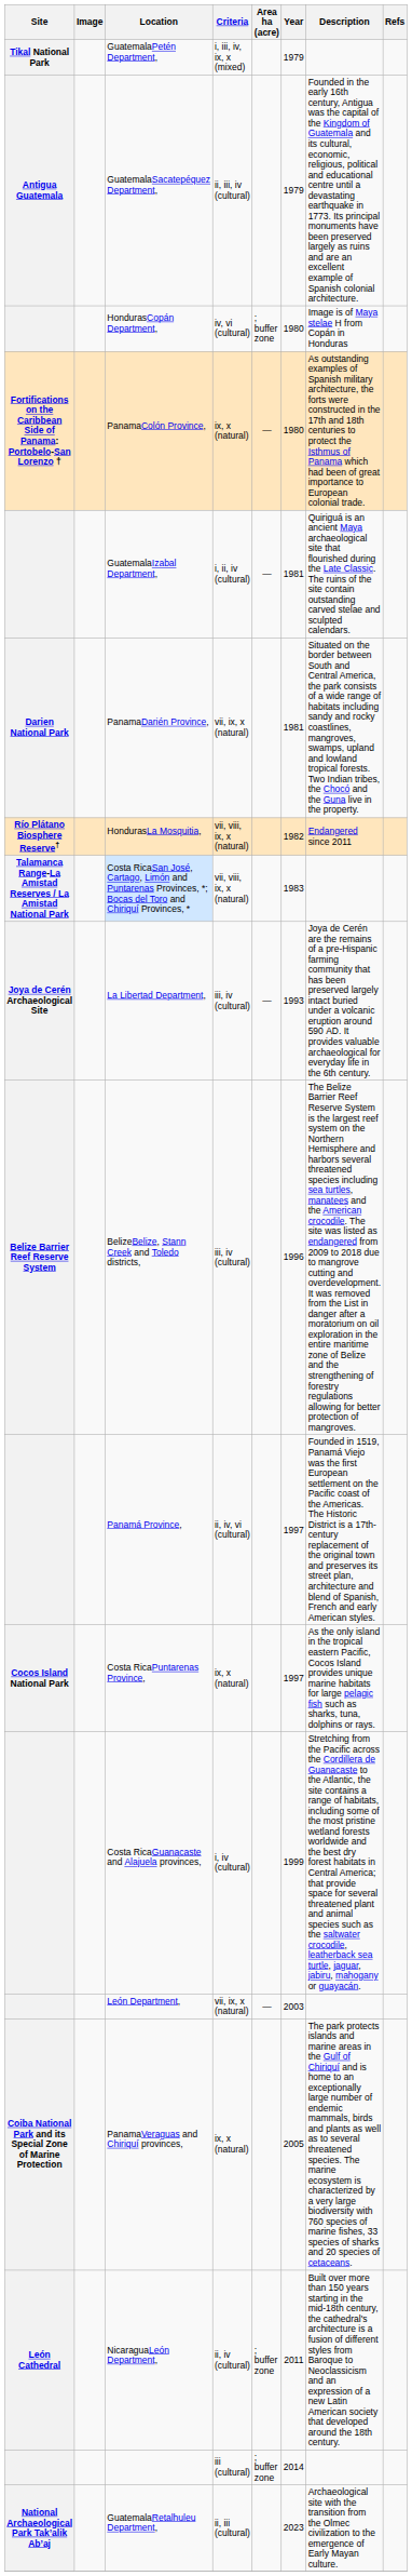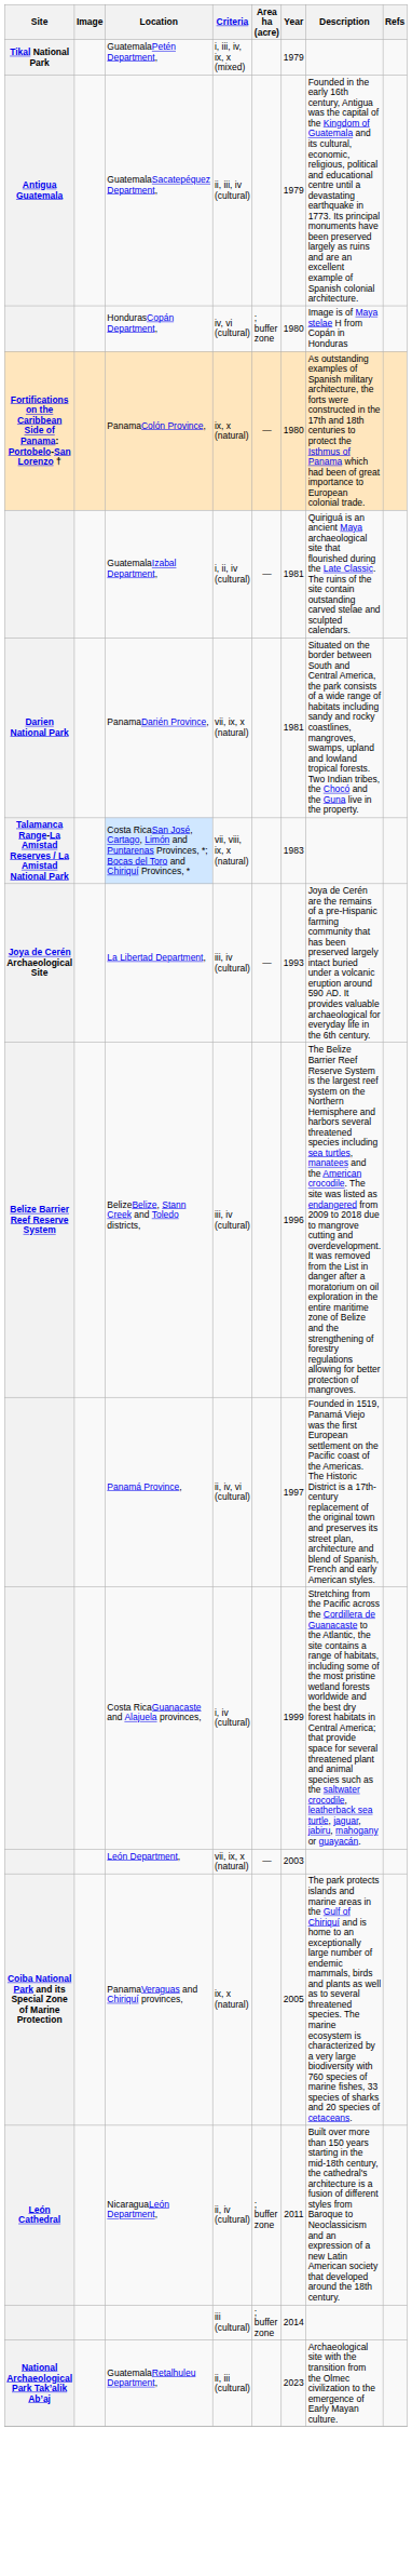 <table class="wikitable sortable plainrowheaders">
 <tr>
 <th style="width:15%;" scope="col">Site</th>
 <th class="unsortable" scope="col">Image</th>
 <th scope="col">Location</th>
 <th scope="col"><a href='#'>Criteria</a></th>
 <th scope="col">Area<br>ha (acre)</th>
 <th scope="col">Year</th>
 <th scope="col" class="unsortable">Description</th>
 <th scope="col" class="unsortable">Refs</th>
 </tr>
 <tr>
 <th scope="row"><a href='#'>Tikal</a> National Park</th>
 <td></td>
 <td><span>Guatemala</span><a href='#'>Petén Department</a>,<br><br><small></small></td>
 <td>i, iii, iv, ix, x (mixed)</td>
 <td></td>
 <td align="center">1979</td>
 <td></td>
 <td></td>
 </tr>
 <tr>
 <th scope="row"><a href='#'>Antigua Guatemala</a></th>
 <td></td>
 <td><span>Guatemala</span><a href='#'>Sacatepéquez Department</a>,<br><br><small></small></td>
 <td>ii, iii, iv (cultural)</td>
 <td align="center"></td>
 <td align="center">1979</td>
 <td>Founded in the early 16th century, Antigua was the capital of the <a href='#'>Kingdom of Guatemala</a> and its cultural, economic, religious, political and educational centre until a devastating earthquake in 1773. Its principal monuments have been preserved largely as ruins and are an excellent example of Spanish colonial architecture.</td>
 <td></td>
 </tr>
 <tr>
 <th scope="row"></th>
 <td align="center"></td>
 <td><span>Honduras</span><a href='#'>Copán Department</a>,<br><br><small></small></td>
 <td>iv, vi (cultural)</td>
 <td>; buffer zone </td>
 <td align="center">1980</td>
 <td>Image is of <a href='#'>Maya stelae</a> H from Copán in Honduras</td>
 <td></td>
 </tr>
 <tr style="background-color: #FFE6BD">
 <th scope="row" style="background-color: #FFE6BD"><a href='#'>Fortifications on the Caribbean Side of Panama</a>: <a href='#'>Portobelo</a>-<a href='#'>San Lorenzo</a>  †</th>
 <td></td>
 <td><span>Panama</span><a href='#'>Colón Province</a>,<br><br><small></small></td>
 <td>ix, x (natural)</td>
 <td align="center">—</td>
 <td align="center">1980</td>
 <td>As outstanding examples of Spanish military architecture, the forts were constructed in the 17th and 18th centuries to protect the <a href='#'>Isthmus of Panama</a> which had been of great importance to European colonial trade.</td>
 <td></td>
 </tr>
 <tr>
 <th scope="row"></th>
 <td align="center"></td>
 <td><span>Guatemala</span><a href='#'>Izabal Department</a>,<br><br><small></small></td>
 <td>i, ii, iv (cultural)</td>
 <td align="center">—</td>
 <td align="center">1981</td>
 <td>Quiriguá is an ancient <a href='#'>Maya</a> archaeological site that flourished during the <a href='#'>Late Classic</a>. The ruins of the site contain outstanding carved stelae and sculpted calendars.</td>
 <td></td>
 </tr>
 <tr>
 <th scope="row"><a href='#'>Darien National Park</a></th>
 <td></td>
 <td><span>Panama</span><a href='#'>Darién Province</a>,<br><br><small></small></td>
 <td>vii, ix, x (natural)</td>
 <td></td>
 <td align="center">1981</td>
 <td>Situated on the border between South and Central America, the park consists of a wide range of habitats including sandy and rocky coastlines, mangroves, swamps, upland and lowland tropical forests. Two Indian tribes, the <a href='#'>Chocó</a> and the <a href='#'>Guna</a> live in the property.</td>
 <td></td>
 </tr>
-<tr style="background-color: #FFE6BD">
-<th scope="row" style="background-color: #FFE6BD"><a href='#'>Río Plátano Biosphere Reserve</a><sup>†</sup></th>
-<td></td>
-<td><span>Honduras</span><a href='#'>La Mosquitia</a>,<br><br><small></small></td>
-<td>vii, viii, ix, x (natural)</td>
-<td></td>
-<td align="center">1982</td>
-<td><a href='#'>Endangered</a> since 2011</td>
-<td></td>
-</tr>
 <tr>
 <th scope="row"><a href='#'>Talamanca Range</a>-<a href='#'>La Amistad Reserves / La Amistad National Park</a></th>
 <td align="center"></td>
 <td style="background-color: #D0E7FF"><span>Costa Rica</span><a href='#'>San José</a>, <a href='#'>Cartago</a>, <a href='#'>Limón</a> and <a href='#'>Puntarenas</a> Provinces, *; <a href='#'>Bocas del Toro</a> and <a href='#'>Chiriquí</a> Provinces, *<br><small></small></td>
 <td>vii, viii, ix, x (natural)</td>
 <td></td>
 <td align="center">1983<br></td>
 <td></td>
 <td><br></td>
 </tr>
 <tr>
 <th scope="row"><a href='#'>Joya de Cerén</a> Archaeological Site</th>
 <td></td>
 <td><a href='#'>La Libertad Department</a>,<br><br><small></small></td>
 <td>iii, iv (cultural)</td>
 <td align="center">—</td>
 <td align="center">1993</td>
 <td>Joya de Cerén are the remains of a pre-Hispanic farming community that has been preserved largely intact buried under a volcanic eruption around 590 AD. It provides valuable archaeological for everyday life in the 6th century.</td>
 <td></td>
 </tr>
 <tr>
 <th scope="row"><a href='#'>Belize Barrier Reef Reserve System</a></th>
 <td></td>
 <td><span>Belize</span><a href='#'>Belize</a>, <a href='#'>Stann Creek</a> and <a href='#'>Toledo</a> districts,<br><br><small></small></td>
 <td>iii, iv (cultural)</td>
 <td></td>
 <td align="center">1996</td>
 <td>The Belize Barrier Reef Reserve System is the largest reef system on the Northern Hemisphere and harbors several threatened species including <a href='#'>sea turtles</a>, <a href='#'>manatees</a> and the <a href='#'>American crocodile</a>. The site was listed as <a href='#'>endangered</a> from 2009 to 2018 due to mangrove cutting and overdevelopment. It was removed from the List in danger after a moratorium on oil exploration in the entire maritime zone of Belize and the strengthening of forestry regulations allowing for better protection of mangroves.</td>
 <td><br></td>
 </tr>
 <tr>
 <th scope="row"></th>
 <td align="center"></td>
 <td><a href='#'>Panamá Province</a>,<br><br><small></small></td>
 <td>ii, iv, vi (cultural)</td>
 <td></td>
 <td align="center">1997<br></td>
 <td>Founded in 1519, Panamá Viejo was the first European settlement on the Pacific coast of the Americas. The Historic District is a 17th-century replacement of the original town and preserves its street plan, architecture and blend of Spanish, French and early American styles.</td>
-<td><br></td>
-</tr>
-<tr>
-<th scope="row"><a href='#'>Cocos Island</a> National Park</th>
-<td></td>
-<td><span>Costa Rica</span><a href='#'>Puntarenas Province</a>,<br><br><small></small></td>
-<td>ix, x (natural)</td>
-<td></td>
-<td align="center">1997<br></td>
-<td>As the only island in the tropical eastern Pacific, Cocos Island provides unique marine habitats for large <a href='#'>pelagic fish</a> such as sharks, tuna, dolphins or rays.</td>
 <td><br></td>
 </tr>
 <tr>
 <th scope="row"></th>
 <td></td>
 <td><span>Costa Rica</span><a href='#'>Guanacaste</a> and <a href='#'>Alajuela</a> provinces,<br><br><small></small></td>
 <td>i, iv (cultural)</td>
 <td></td>
 <td align="center">1999<br></td>
 <td>Stretching from the Pacific across the <a href='#'>Cordillera de Guanacaste</a> to the Atlantic, the site contains a range of habitats, including some of the most pristine wetland forests worldwide and the best dry forest habitats in Central America; that provide space for several threatened plant and animal species such as the <a href='#'>saltwater crocodile</a>, <a href='#'>leatherback sea turtle</a>, <a href='#'>jaguar</a>, <a href='#'>jabiru</a>, <a href='#'>mahogany</a> or <a href='#'>guayacán</a>.</td>
 <td></td>
 </tr>
 <tr>
 <th scope="row"></th>
 <td></td>
 <td><a href='#'>León Department</a>, <br><br><small></small></td>
 <td>vii, ix, x (natural)</td>
 <td align="center">—</td>
 <td align="center">2003</td>
 <td></td>
 <td></td>
 </tr>
 <tr>
 <th scope="row"><a href='#'>Coiba National Park</a> and its Special Zone of Marine Protection</th>
 <td align="center"></td>
 <td><span>Panama</span><a href='#'>Veraguas</a> and <a href='#'>Chiriquí</a> provinces,<br><br><small></small></td>
 <td>ix, x (natural)</td>
 <td></td>
 <td align="center">2005</td>
 <td>The park protects islands and marine areas in the <a href='#'>Gulf of Chiriquí</a> and is home to an exceptionally large number of endemic mammals, birds and plants as well as to several threatened species. The marine ecosystem is characterized by a very large biodiversity with 760 species of marine fishes, 33 species of sharks and 20 species of <a href='#'>cetaceans</a>.</td>
 <td></td>
 </tr>
 <tr>
 <th scope="row"><a href='#'>León Cathedral</a></th>
 <td></td>
 <td><span>Nicaragua</span><a href='#'>León Department</a>, <br><br><small></small></td>
 <td>ii, iv (cultural)</td>
 <td>; buffer zone </td>
 <td align="center">2011</td>
 <td>Built over more than 150 years starting in the mid-18th century, the cathedral's architecture is a fusion of different styles from Baroque to Neoclassicism and an expression of a new Latin American society that developed around the 18th century.</td>
 <td></td>
 </tr>
 <tr>
 <th scope="row"></th>
 <td></td>
 <td></td>
 <td>iii (cultural)</td>
 <td>; buffer zone </td>
 <td align="center">2014</td>
 <td></td>
 <td></td>
 </tr>
 <tr>
 <th scope="row"><a href='#'>National Archaeological Park Tak’alik Ab’aj</a></th>
 <td></td>
 <td><span>Guatemala</span><a href='#'>Retalhuleu Department</a>,<br><br><small></small></td>
 <td>ii, iii (cultural)</td>
 <td></td>
 <td align="center">2023</td>
 <td>Archaeological site with the transition from the Olmec civilization to the emergence of Early Mayan culture.</td>
 <td></td>
 </tr>
 <tr>
 </tr>
 </table>
